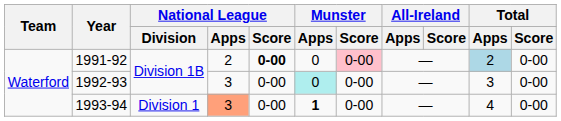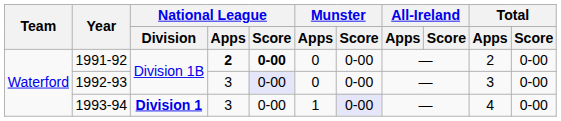 <table class="wikitable" style="text-align:center">
 <tr>
 <th rowspan="2">Team</th>
 <th rowspan="2">Year</th>
 <th colspan="3"><a href='#'>National League</a></th>
 <th colspan="2"><a href='#'>Munster</a></th>
 <th colspan="2"><a href='#'>All-Ireland</a></th>
 <th colspan="2">Total</th>
 </tr>
 <tr>
 <th>Division</th>
 <th>Apps</th>
 <th>Score</th>
 <th>Apps</th>
 <th>Score</th>
 <th>Apps</th>
 <th>Score</th>
 <th>Apps</th>
 <th>Score</th>
 </tr>
 <tr>
 <td rowspan="3"><a href='#'>Waterford</a></td>
 <td>1991-92</td>
 <td rowspan="2"><a href='#'>Division 1B</a></td>
-<td>2</td>
+<td><strong>2</strong></td>
 <td><strong>0-00</strong></td>
 <td>0</td>
-<td style="background: pink;">0-00</td>
+<td>0-00</td>
 <td colspan=2>—</td>
-<td style="background: lightblue;">2</td>
+<td>2</td>
 <td>0-00</td>
 </tr>
 <tr>
 <td>1992-93</td>
 <td>3</td>
-<td>0-00</td>
-<td style="background: paleturquoise;">0</td>
+<td style="background: lavender;">0-00</td>
+<td>0</td>
 <td>0-00</td>
 <td colspan=2>—</td>
 <td>3</td>
 <td>0-00</td>
 </tr>
 <tr>
 <td>1993-94</td>
-<td rowspan="1"><a href='#'>Division 1</a></td>
-<td style="background: lightsalmon;">3</td>
+<td rowspan="1"><strong><a href='#'>Division 1</a></strong></td>
+<td>3</td>
 <td>0-00</td>
-<td><strong>1</strong></td>
-<td>0-00</td>
+<td>1</td>
+<td style="background: lavender;">0-00</td>
 <td colspan=2>—</td>
 <td>4</td>
 <td>0-00</td>
 </tr>
 </table>
